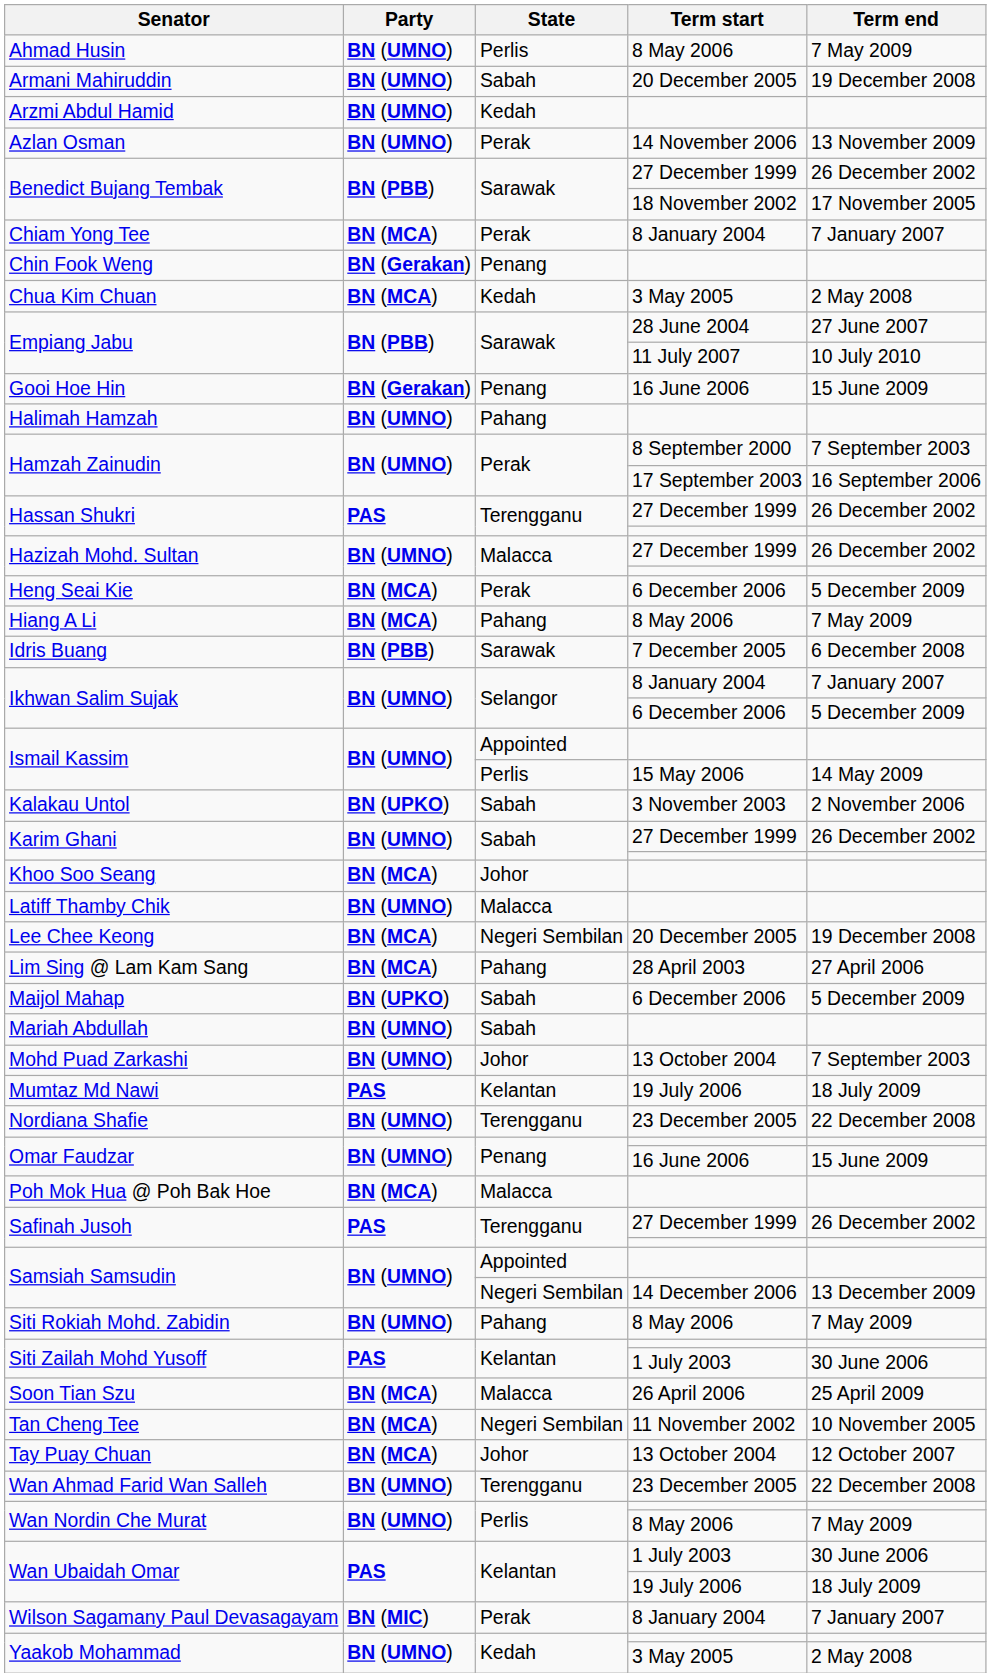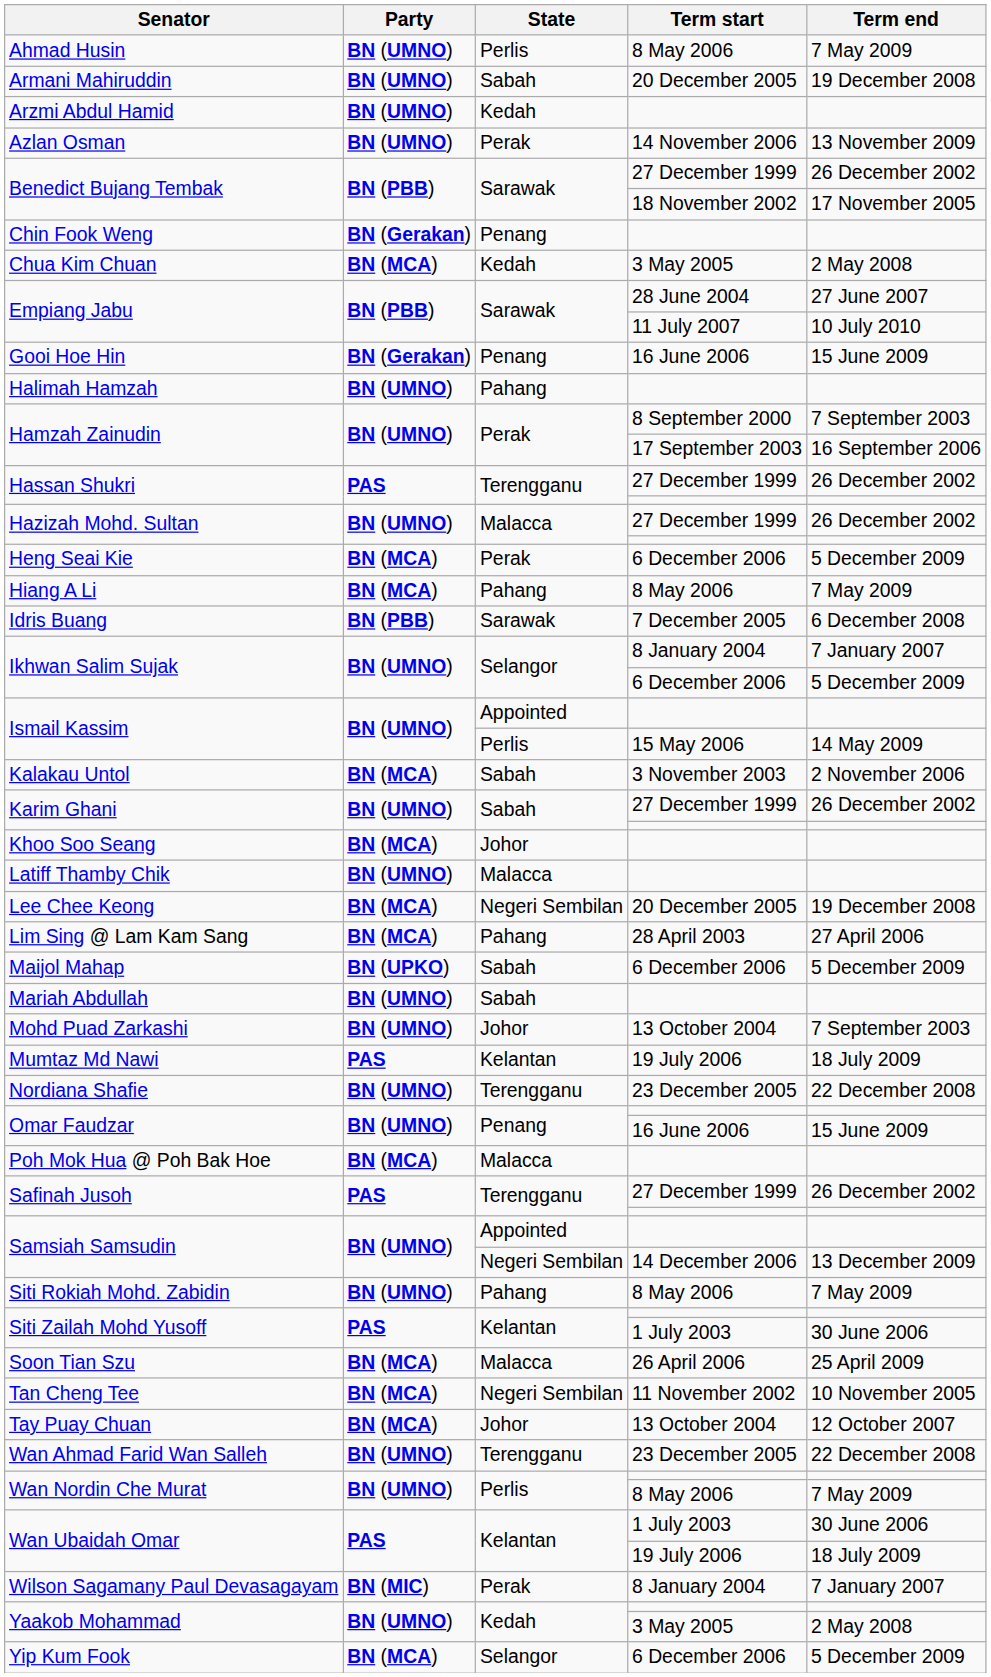 <table class="wikitable sortable">
 <tr>
 <th>Senator</th>
 <th>Party</th>
 <th>State</th>
 <th>Term start</th>
 <th>Term end</th>
 </tr>
 <tr>
 <td><a href='#'>Ahmad Husin</a></td>
 <td><strong><a href='#'>BN</a></strong> (<strong><a href='#'>UMNO</a></strong>)</td>
 <td>Perlis</td>
 <td>8 May 2006</td>
 <td>7 May 2009</td>
 </tr>
 <tr>
 <td><a href='#'>Armani Mahiruddin</a></td>
 <td><strong><a href='#'>BN</a></strong> (<strong><a href='#'>UMNO</a></strong>)</td>
 <td>Sabah</td>
 <td>20 December 2005</td>
 <td>19 December 2008</td>
 </tr>
 <tr>
 <td><a href='#'>Arzmi Abdul Hamid</a></td>
 <td><strong><a href='#'>BN</a></strong> (<strong><a href='#'>UMNO</a></strong>)</td>
 <td>Kedah</td>
 <td></td>
 <td></td>
 </tr>
 <tr>
 <td><a href='#'>Azlan Osman</a></td>
 <td><strong><a href='#'>BN</a></strong> (<strong><a href='#'>UMNO</a></strong>)</td>
 <td>Perak</td>
 <td>14 November 2006</td>
 <td>13 November 2009</td>
 </tr>
 <tr>
 <td rowspan=2><a href='#'>Benedict Bujang Tembak</a></td>
 <td rowspan=2><strong><a href='#'>BN</a></strong> (<strong><a href='#'>PBB</a></strong>)</td>
 <td rowspan=2>Sarawak</td>
 <td>27 December 1999</td>
 <td>26 December 2002</td>
 </tr>
 <tr>
 <td>18 November 2002</td>
 <td>17 November 2005</td>
-</tr>
-<tr>
-<td><a href='#'>Chiam Yong Tee</a></td>
-<td><strong><a href='#'>BN</a></strong> (<strong><a href='#'>MCA</a></strong>)</td>
-<td>Perak</td>
-<td>8 January 2004</td>
-<td>7 January 2007</td>
 </tr>
 <tr>
 <td><a href='#'>Chin Fook Weng</a></td>
 <td><strong><a href='#'>BN</a></strong> (<strong><a href='#'>Gerakan</a></strong>)</td>
 <td>Penang</td>
 <td></td>
 <td></td>
 </tr>
 <tr>
 <td><a href='#'>Chua Kim Chuan</a></td>
 <td><strong><a href='#'>BN</a></strong> (<strong><a href='#'>MCA</a></strong>)</td>
 <td>Kedah</td>
 <td>3 May 2005</td>
 <td>2 May 2008</td>
 </tr>
 <tr>
 <td rowspan=2><a href='#'>Empiang Jabu</a></td>
 <td rowspan=2><strong><a href='#'>BN</a></strong> (<strong><a href='#'>PBB</a></strong>)</td>
 <td rowspan=2>Sarawak</td>
 <td>28 June 2004</td>
 <td>27 June 2007</td>
 </tr>
 <tr>
 <td>11 July 2007</td>
 <td>10 July 2010</td>
 </tr>
 <tr>
 <td><a href='#'>Gooi Hoe Hin</a></td>
 <td><strong><a href='#'>BN</a></strong> (<strong><a href='#'>Gerakan</a></strong>)</td>
 <td>Penang</td>
 <td>16 June 2006</td>
 <td>15 June 2009</td>
 </tr>
 <tr>
 <td><a href='#'>Halimah Hamzah</a></td>
 <td><strong><a href='#'>BN</a></strong> (<strong><a href='#'>UMNO</a></strong>)</td>
 <td>Pahang</td>
 <td></td>
 <td></td>
 </tr>
 <tr>
 <td rowspan=2><a href='#'>Hamzah Zainudin</a></td>
 <td rowspan=2><strong><a href='#'>BN</a></strong> (<strong><a href='#'>UMNO</a></strong>)</td>
 <td rowspan=2>Perak</td>
 <td>8 September 2000</td>
 <td>7 September 2003</td>
 </tr>
 <tr>
 <td>17 September 2003</td>
 <td>16 September 2006</td>
 </tr>
 <tr>
 <td rowspan=2><a href='#'>Hassan Shukri</a></td>
 <td rowspan=2><strong><a href='#'>PAS</a></strong></td>
 <td rowspan=2>Terengganu</td>
 <td>27 December 1999</td>
 <td>26 December 2002</td>
 </tr>
 <tr>
 <td></td>
 <td></td>
 </tr>
 <tr>
 <td rowspan=2><a href='#'>Hazizah Mohd. Sultan</a></td>
 <td rowspan=2><strong><a href='#'>BN</a></strong> (<strong><a href='#'>UMNO</a></strong>)</td>
 <td rowspan=2>Malacca</td>
 <td>27 December 1999</td>
 <td>26 December 2002</td>
 </tr>
 <tr>
 <td></td>
 <td></td>
 </tr>
 <tr>
 <td><a href='#'>Heng Seai Kie</a></td>
 <td><strong><a href='#'>BN</a></strong> (<strong><a href='#'>MCA</a></strong>)</td>
 <td>Perak</td>
 <td>6 December 2006</td>
 <td>5 December 2009</td>
 </tr>
 <tr>
 <td><a href='#'>Hiang A Li</a></td>
 <td><strong><a href='#'>BN</a></strong> (<strong><a href='#'>MCA</a></strong>)</td>
 <td>Pahang</td>
 <td>8 May 2006</td>
 <td>7 May 2009</td>
 </tr>
 <tr>
 <td><a href='#'>Idris Buang</a></td>
 <td><strong><a href='#'>BN</a></strong> (<strong><a href='#'>PBB</a></strong>)</td>
 <td>Sarawak</td>
 <td>7 December 2005</td>
 <td>6 December 2008</td>
 </tr>
 <tr>
 <td rowspan=2><a href='#'>Ikhwan Salim Sujak</a></td>
 <td rowspan=2><strong><a href='#'>BN</a></strong> (<strong><a href='#'>UMNO</a></strong>)</td>
 <td rowspan=2>Selangor</td>
 <td>8 January 2004</td>
 <td>7 January 2007</td>
 </tr>
 <tr>
 <td>6 December 2006</td>
 <td>5 December 2009</td>
 </tr>
 <tr>
 <td rowspan=2><a href='#'>Ismail Kassim</a></td>
 <td rowspan=2><strong><a href='#'>BN</a></strong> (<strong><a href='#'>UMNO</a></strong>)</td>
 <td>Appointed</td>
 <td></td>
 <td></td>
 </tr>
 <tr>
 <td>Perlis</td>
 <td>15 May 2006</td>
 <td>14 May 2009</td>
 </tr>
 <tr>
 <td><a href='#'>Kalakau Untol</a></td>
-<td><strong><a href='#'>BN</a></strong> (<strong><a href='#'>UPKO</a></strong>)</td>
+<td><strong><a href='#'>BN</a></strong> (<strong><a href='#'>MCA</a></strong>)</td>
 <td>Sabah</td>
 <td>3 November 2003</td>
 <td>2 November 2006</td>
 </tr>
 <tr>
 <td rowspan=2><a href='#'>Karim Ghani</a></td>
 <td rowspan=2><strong><a href='#'>BN</a></strong> (<strong><a href='#'>UMNO</a></strong>)</td>
 <td rowspan=2>Sabah</td>
 <td>27 December 1999</td>
 <td>26 December 2002</td>
 </tr>
 <tr>
 <td></td>
 <td></td>
 </tr>
 <tr>
 <td><a href='#'>Khoo Soo Seang</a></td>
 <td><strong><a href='#'>BN</a></strong> (<strong><a href='#'>MCA</a></strong>)</td>
 <td>Johor</td>
 <td></td>
 <td></td>
 </tr>
 <tr>
 <td><a href='#'>Latiff Thamby Chik</a></td>
 <td><strong><a href='#'>BN</a></strong> (<strong><a href='#'>UMNO</a></strong>)</td>
 <td>Malacca</td>
 <td></td>
 <td></td>
 </tr>
 <tr>
 <td><a href='#'>Lee Chee Keong</a></td>
 <td><strong><a href='#'>BN</a></strong> (<strong><a href='#'>MCA</a></strong>)</td>
 <td>Negeri Sembilan</td>
 <td>20 December 2005</td>
 <td>19 December 2008</td>
 </tr>
 <tr>
 <td><a href='#'>Lim Sing</a> @ Lam Kam Sang</td>
 <td><strong><a href='#'>BN</a></strong> (<strong><a href='#'>MCA</a></strong>)</td>
 <td>Pahang</td>
 <td>28 April 2003</td>
 <td>27 April 2006</td>
 </tr>
 <tr>
 <td><a href='#'>Maijol Mahap</a></td>
 <td><strong><a href='#'>BN</a></strong> (<strong><a href='#'>UPKO</a></strong>)</td>
 <td>Sabah</td>
 <td>6 December 2006</td>
 <td>5 December 2009</td>
 </tr>
 <tr>
 <td><a href='#'>Mariah Abdullah</a></td>
 <td><strong><a href='#'>BN</a></strong> (<strong><a href='#'>UMNO</a></strong>)</td>
 <td>Sabah</td>
 <td></td>
 <td></td>
 </tr>
 <tr>
 <td><a href='#'>Mohd Puad Zarkashi</a></td>
 <td><strong><a href='#'>BN</a></strong> (<strong><a href='#'>UMNO</a></strong>)</td>
 <td>Johor</td>
 <td>13 October 2004</td>
 <td>7 September 2003</td>
 </tr>
 <tr>
 <td><a href='#'>Mumtaz Md Nawi</a></td>
 <td><strong><a href='#'>PAS</a></strong></td>
 <td>Kelantan</td>
 <td>19 July 2006</td>
 <td>18 July 2009</td>
 </tr>
 <tr>
 <td><a href='#'>Nordiana Shafie</a></td>
 <td><strong><a href='#'>BN</a></strong> (<strong><a href='#'>UMNO</a></strong>)</td>
 <td>Terengganu</td>
 <td>23 December 2005</td>
 <td>22 December 2008</td>
 </tr>
 <tr>
 <td rowspan=2><a href='#'>Omar Faudzar</a></td>
 <td rowspan=2><strong><a href='#'>BN</a></strong> (<strong><a href='#'>UMNO</a></strong>)</td>
 <td rowspan=2>Penang</td>
 <td></td>
 <td></td>
 </tr>
 <tr>
 <td>16 June 2006</td>
 <td>15 June 2009</td>
 </tr>
 <tr>
 <td><a href='#'>Poh Mok Hua</a> @ Poh Bak Hoe</td>
 <td><strong><a href='#'>BN</a></strong> (<strong><a href='#'>MCA</a></strong>)</td>
 <td>Malacca</td>
 <td></td>
 <td></td>
 </tr>
 <tr>
 <td rowspan=2><a href='#'>Safinah Jusoh</a></td>
 <td rowspan=2><strong><a href='#'>PAS</a></strong></td>
 <td rowspan=2>Terengganu</td>
 <td>27 December 1999</td>
 <td>26 December 2002</td>
 </tr>
 <tr>
 <td></td>
 <td></td>
 </tr>
 <tr>
 <td rowspan=2><a href='#'>Samsiah Samsudin</a></td>
 <td rowspan=2><strong><a href='#'>BN</a></strong> (<strong><a href='#'>UMNO</a></strong>)</td>
 <td>Appointed</td>
 <td></td>
 <td></td>
 </tr>
 <tr>
 <td>Negeri Sembilan</td>
 <td>14 December 2006</td>
 <td>13 December 2009</td>
 </tr>
 <tr>
 <td><a href='#'>Siti Rokiah Mohd. Zabidin</a></td>
 <td><strong><a href='#'>BN</a></strong> (<strong><a href='#'>UMNO</a></strong>)</td>
 <td>Pahang</td>
 <td>8 May 2006</td>
 <td>7 May 2009</td>
 </tr>
 <tr>
 <td rowspan=2><a href='#'>Siti Zailah Mohd Yusoff</a></td>
 <td rowspan=2><strong><a href='#'>PAS</a></strong></td>
 <td rowspan=2>Kelantan</td>
 <td></td>
 <td></td>
 </tr>
 <tr>
 <td>1 July 2003</td>
 <td>30 June 2006</td>
 </tr>
 <tr>
 <td><a href='#'>Soon Tian Szu</a></td>
 <td><strong><a href='#'>BN</a></strong> (<strong><a href='#'>MCA</a></strong>)</td>
 <td>Malacca</td>
 <td>26 April 2006</td>
 <td>25 April 2009</td>
 </tr>
 <tr>
 <td><a href='#'>Tan Cheng Tee</a></td>
 <td><strong><a href='#'>BN</a></strong> (<strong><a href='#'>MCA</a></strong>)</td>
 <td>Negeri Sembilan</td>
 <td>11 November 2002</td>
 <td>10 November 2005</td>
 </tr>
 <tr>
 <td><a href='#'>Tay Puay Chuan</a></td>
 <td><strong><a href='#'>BN</a></strong> (<strong><a href='#'>MCA</a></strong>)</td>
 <td>Johor</td>
 <td>13 October 2004</td>
 <td>12 October 2007</td>
 </tr>
 <tr>
 <td><a href='#'>Wan Ahmad Farid Wan Salleh</a></td>
 <td><strong><a href='#'>BN</a></strong> (<strong><a href='#'>UMNO</a></strong>)</td>
 <td>Terengganu</td>
 <td>23 December 2005</td>
 <td>22 December 2008</td>
 </tr>
 <tr>
 <td rowspan=2><a href='#'>Wan Nordin Che Murat</a></td>
 <td rowspan=2><strong><a href='#'>BN</a></strong> (<strong><a href='#'>UMNO</a></strong>)</td>
 <td rowspan=2>Perlis</td>
 <td></td>
 <td></td>
 </tr>
 <tr>
 <td>8 May 2006</td>
 <td>7 May 2009</td>
 </tr>
 <tr>
 <td rowspan=2><a href='#'>Wan Ubaidah Omar</a></td>
 <td rowspan=2><strong><a href='#'>PAS</a></strong></td>
 <td rowspan=2>Kelantan</td>
 <td>1 July 2003</td>
 <td>30 June 2006</td>
 </tr>
 <tr>
 <td>19 July 2006</td>
 <td>18 July 2009</td>
 </tr>
 <tr>
 <td><a href='#'>Wilson Sagamany Paul Devasagayam</a></td>
 <td><strong><a href='#'>BN</a></strong> (<strong><a href='#'>MIC</a></strong>)</td>
 <td>Perak</td>
 <td>8 January 2004</td>
 <td>7 January 2007</td>
 </tr>
 <tr>
 <td rowspan=2><a href='#'>Yaakob Mohammad</a></td>
 <td rowspan=2><strong><a href='#'>BN</a></strong> (<strong><a href='#'>UMNO</a></strong>)</td>
 <td rowspan=2>Kedah</td>
 <td></td>
 <td></td>
 </tr>
 <tr>
 <td>3 May 2005</td>
 <td>2 May 2008</td>
 </tr>
+<tr>
+<td><a href='#'>Yip Kum Fook</a></td>
+<td><strong><a href='#'>BN</a></strong> (<strong><a href='#'>MCA</a></strong>)</td>
+<td>Selangor</td>
+<td>6 December 2006</td>
+<td>5 December 2009</td>
+</tr>
 </table>
